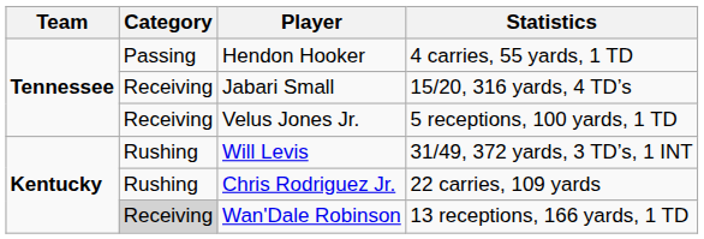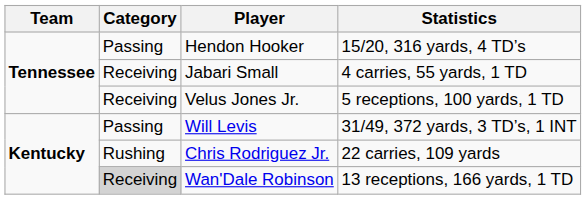 <table class="wikitable" style="float: right;">
 <tr>
 <th>Team</th>
 <th>Category</th>
 <th>Player</th>
 <th>Statistics</th>
 </tr>
 <tr>
 <td rowspan=3><strong>Tennessee</strong></td>
 <td>Passing</td>
 <td>Hendon Hooker</td>
-<td>4 carries, 55 yards, 1 TD</td>
+<td>15/20, 316 yards, 4 TD’s</td>
 </tr>
 <tr>
 <td>Receiving</td>
 <td>Jabari Small</td>
-<td>15/20, 316 yards, 4 TD’s</td>
+<td>4 carries, 55 yards, 1 TD</td>
 </tr>
 <tr>
 <td>Receiving</td>
 <td>Velus Jones Jr.</td>
 <td>5 receptions, 100 yards, 1 TD</td>
 </tr>
 <tr>
 <td rowspan=3><strong>Kentucky</strong></td>
-<td>Rushing</td>
+<td>Passing</td>
 <td><a href='#'>Will Levis</a></td>
 <td>31/49, 372 yards, 3 TD’s, 1 INT</td>
 </tr>
 <tr>
 <td>Rushing</td>
 <td><a href='#'>Chris Rodriguez Jr.</a></td>
 <td>22 carries, 109 yards</td>
 </tr>
 <tr>
 <td style="background: lightgrey;">Receiving</td>
 <td><a href='#'>Wan'Dale Robinson</a></td>
 <td>13 receptions, 166 yards, 1 TD</td>
 </tr>
 </table>
